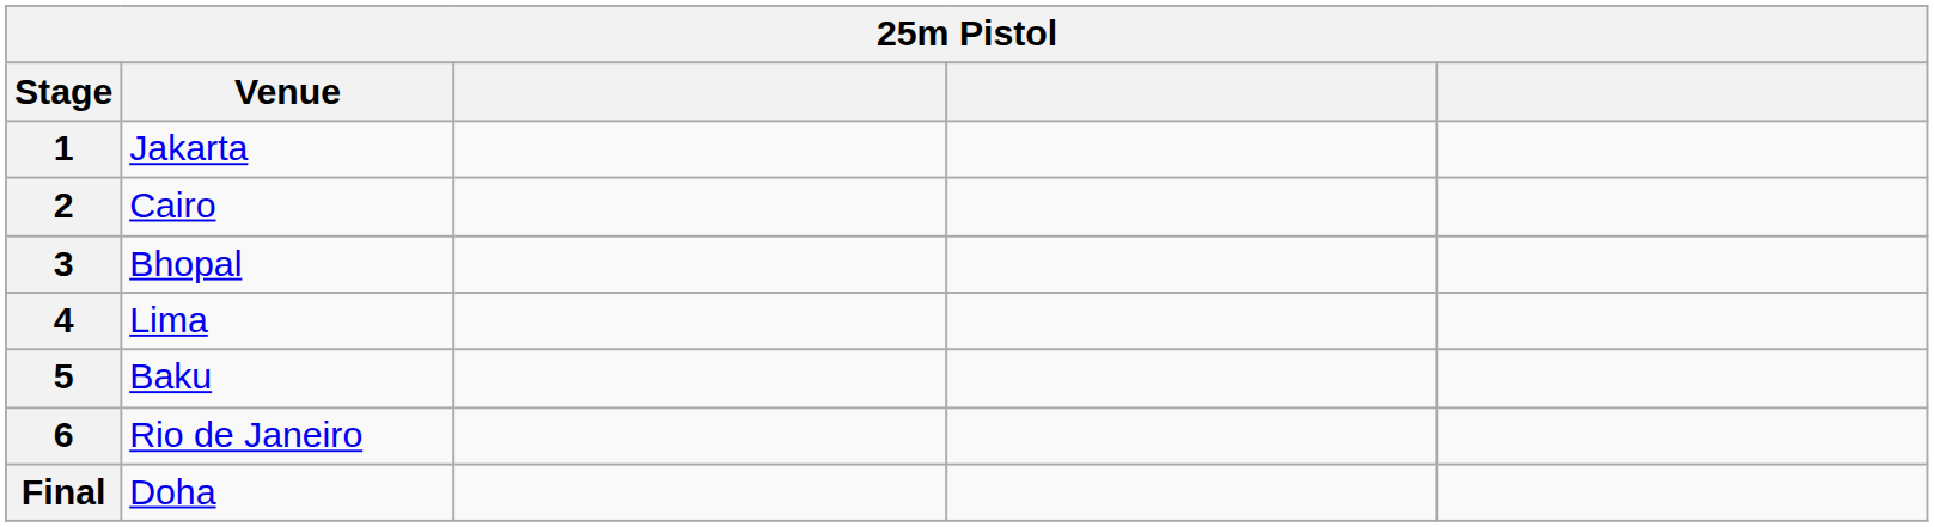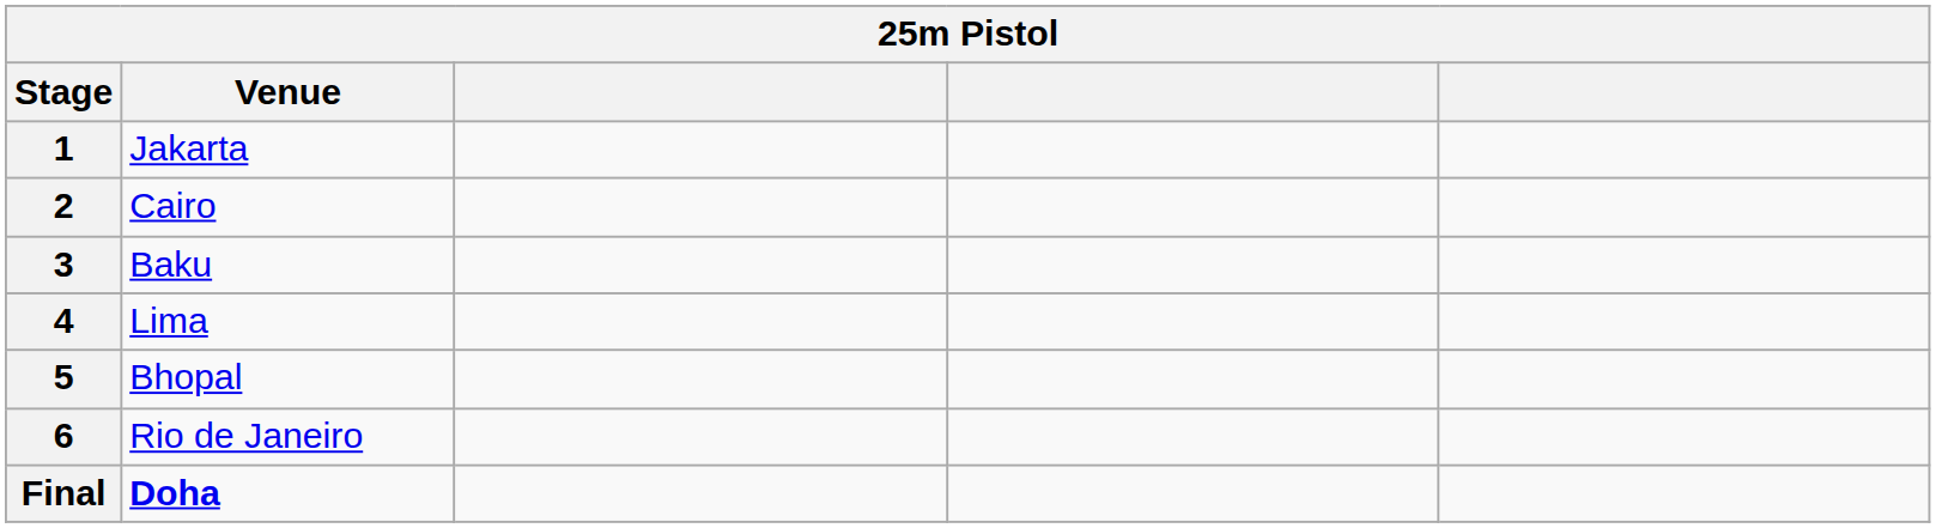 <table class="wikitable">
 <tr>
 <th colspan="5">25m Pistol</th>
 </tr>
 <tr>
 <th>Stage</th>
 <th width=140>Venue</th>
 <th width=210></th>
 <th width=210></th>
 <th width=210></th>
 </tr>
 <tr>
 <th>1</th>
 <td> <a href='#'>Jakarta</a></td>
 <td></td>
 <td></td>
 <td></td>
 </tr>
 <tr>
 <th>2</th>
 <td> <a href='#'>Cairo</a></td>
 <td></td>
 <td></td>
 <td></td>
 </tr>
 <tr>
 <th>3</th>
-<td> <a href='#'>Bhopal</a></td>
+<td> <a href='#'>Baku</a></td>
 <td></td>
 <td></td>
 <td></td>
 </tr>
 <tr>
 <th>4</th>
 <td> <a href='#'>Lima</a></td>
 <td></td>
 <td></td>
 <td></td>
 </tr>
 <tr>
 <th>5</th>
-<td> <a href='#'>Baku</a></td>
+<td> <a href='#'>Bhopal</a></td>
 <td></td>
 <td></td>
 <td></td>
 </tr>
 <tr>
 <th>6</th>
 <td> <a href='#'>Rio de Janeiro</a></td>
 <td></td>
 <td></td>
 <td></td>
 </tr>
 <tr>
 <th>Final</th>
-<td> <a href='#'>Doha</a></td>
+<td><strong> <a href='#'>Doha</a></strong></td>
 <td></td>
 <td></td>
 <td></td>
 </tr>
 </table>
